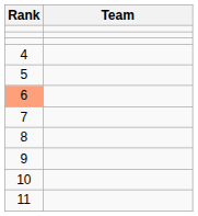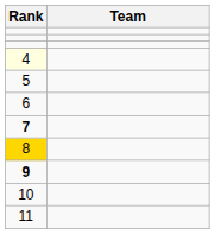 <table class="wikitable" style="text-align:center;">
 <tr>
 <th>Rank</th>
 <th width=175>Team</th>
 </tr>
 <tr>
 <td></td>
 <td align=left></td>
 </tr>
 <tr>
 <td></td>
 <td align=left></td>
 </tr>
 <tr>
 <td></td>
 <td align=left></td>
 </tr>
 <tr>
-<td>4</td>
+<td style="background: lightyellow;">4</td>
 <td align=left></td>
 </tr>
 <tr>
 <td>5</td>
 <td align=left></td>
 </tr>
 <tr>
-<td style="background: lightsalmon;">6</td>
+<td>6</td>
 <td align=left></td>
 </tr>
 <tr>
-<td>7</td>
+<td><strong>7</strong></td>
 <td align=left></td>
 </tr>
 <tr>
-<td>8</td>
+<td style="background: gold;">8</td>
 <td align=left></td>
 </tr>
 <tr>
-<td>9</td>
+<td><strong>9</strong></td>
 <td align=left></td>
 </tr>
 <tr>
 <td>10</td>
 <td align=left></td>
 </tr>
 <tr>
 <td>11</td>
 <td align=left></td>
 </tr>
 </table>
